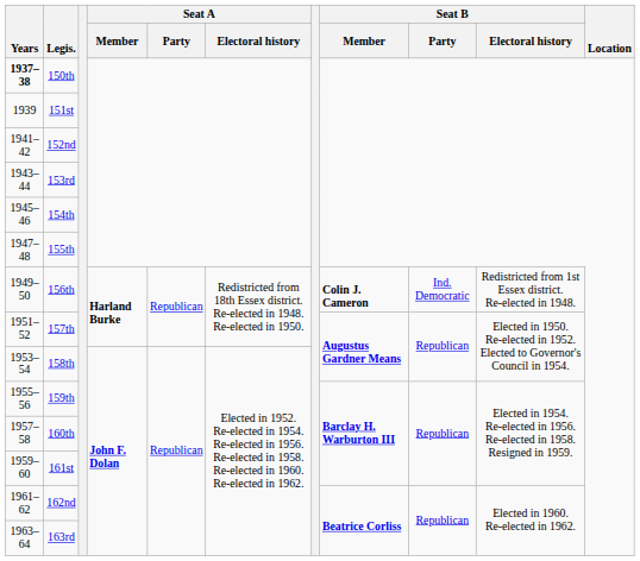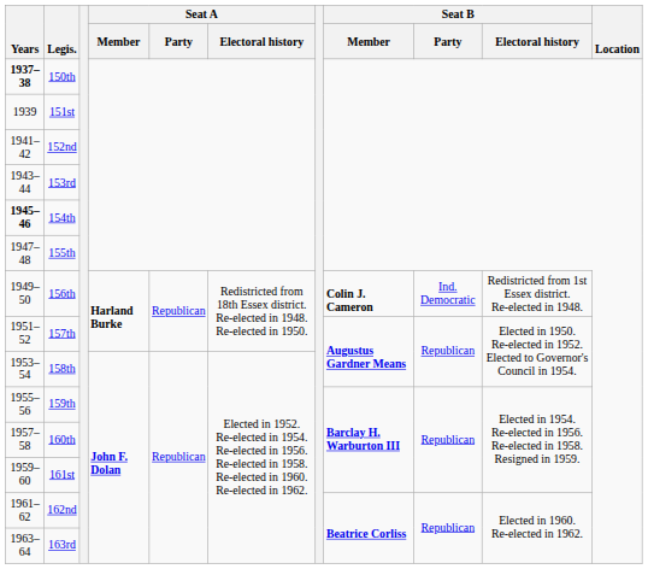 <table class=wikitable style="text-align:center">
 <tr valign=bottom>
 <th rowspan=2>Years</th>
 <th rowspan=2>Legis.</th>
 <th rowspan=20> </th>
 <th colspan=3>Seat A</th>
 <th rowspan=20> </th>
 <th colspan=3>Seat B</th>
 <th rowspan=2>Location</th>
 </tr>
 <tr style="height:3em">
 <th>Member</th>
 <th>Party</th>
 <th>Electoral history</th>
 <th>Member</th>
 <th>Party</th>
 <th>Electoral history</th>
 </tr>
 <tr style="height:3em">
 <td><strong>1937–38</strong></td>
 <td nowrap><a href='#'>150th</a></td>
 </tr>
 <tr style="height:3em">
 <td>1939</td>
 <td nowrap><a href='#'>151st</a></td>
 </tr>
 <tr style="height:3em">
 <td>1941–42</td>
 <td nowrap><a href='#'>152nd</a></td>
 </tr>
 <tr style="height:3em">
 <td>1943–44</td>
 <td nowrap><a href='#'>153rd</a></td>
 </tr>
 <tr style="height:3em">
-<td>1945–46</td>
+<td><strong>1945–46</strong></td>
 <td nowrap><a href='#'>154th</a></td>
 </tr>
 <tr style="height:3em">
 <td>1947–48</td>
 <td nowrap><a href='#'>155th</a></td>
 </tr>
 <tr style="height:3em">
 <td>1949–50</td>
 <td nowrap><a href='#'>156th</a></td>
 <td rowspan=2 align=left><br><strong>Harland Burke</strong></td>
 <td rowspan=2 ><a href='#'>Republican</a></td>
 <td rowspan=2>Redistricted from 18th Essex district.<br>Re-elected in 1948.<br>Re-elected in 1950.</td>
 <td align=left><br><strong>Colin J. Cameron</strong></td>
 <td><a href='#'>Ind. Democratic</a></td>
 <td>Redistricted from 1st Essex district.<br>Re-elected in 1948.</td>
 </tr>
 <tr style="height:3em">
 <td>1951–52</td>
 <td nowrap><a href='#'>157th</a></td>
 <td rowspan=2 align=left><br><strong><a href='#'>Augustus Gardner Means</a></strong></td>
 <td rowspan=2 ><a href='#'>Republican</a></td>
 <td rowspan=2>Elected in 1950.<br>Re-elected in 1952.<br>Elected to Governor's Council in 1954.</td>
 </tr>
 <tr style="height:3em">
 <td>1953–54</td>
 <td nowrap><a href='#'>158th</a></td>
 <td rowspan=6 align=left><br><strong><a href='#'>John F. Dolan</a></strong></td>
 <td rowspan=6 ><a href='#'>Republican</a></td>
 <td rowspan=6>Elected in 1952.<br>Re-elected in 1954.<br>Re-elected in 1956.<br>Re-elected in 1958.<br>Re-elected in 1960.<br>Re-elected in 1962.</td>
 </tr>
 <tr style="height:3em">
 <td>1955–56</td>
 <td nowrap><a href='#'>159th</a></td>
 <td rowspan=3 align=left><strong><a href='#'>Barclay H. Warburton III</a></strong></td>
 <td rowspan=3 ><a href='#'>Republican</a></td>
 <td rowspan=3>Elected in 1954.<br>Re-elected in 1956.<br>Re-elected in 1958.<br>Resigned in 1959.</td>
 </tr>
 <tr style="height:3em">
 <td>1957–58</td>
 <td nowrap><a href='#'>160th</a></td>
 </tr>
 <tr style="height:3em">
 <td>1959–60</td>
 <td nowrap><a href='#'>161st</a></td>
 </tr>
 <tr style="height:3em">
 <td>1961–62</td>
 <td nowrap><a href='#'>162nd</a></td>
 <td rowspan=2 align=left><br><strong><a href='#'>Beatrice Corliss</a></strong></td>
 <td rowspan=2 ><a href='#'>Republican</a></td>
 <td rowspan=2>Elected in 1960.<br>Re-elected in 1962.</td>
 </tr>
 <tr style="height:3em">
 <td>1963–64</td>
 <td nowrap><a href='#'>163rd</a></td>
 </tr>
 </table>
